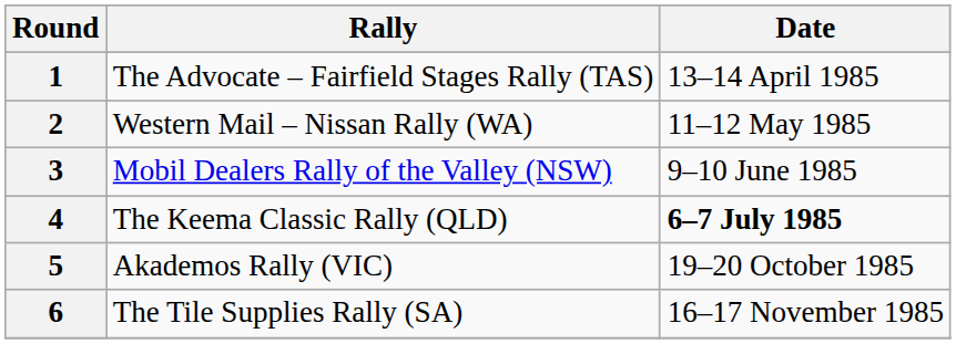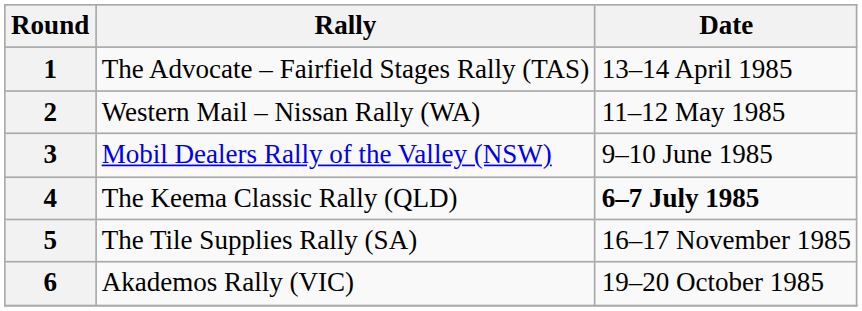 <table class="wikitable" border="1">
 <tr>
 <th>Round</th>
 <th>Rally</th>
 <th>Date</th>
 </tr>
 <tr>
 <th>1</th>
 <td>The Advocate – Fairfield Stages Rally (TAS)</td>
 <td>13–14 April 1985</td>
 </tr>
 <tr>
 <th>2</th>
 <td>Western Mail – Nissan Rally (WA)</td>
 <td>11–12 May 1985</td>
 </tr>
 <tr>
 <th>3</th>
 <td><a href='#'>Mobil Dealers Rally of the Valley (NSW)</a></td>
 <td>9–10 June 1985</td>
 </tr>
 <tr>
 <th>4</th>
 <td>The Keema Classic Rally (QLD)</td>
 <td><strong>6–7 July 1985</strong></td>
 </tr>
 <tr>
 <th>5</th>
+<td>The Tile Supplies Rally (SA)</td>
+<td>16–17 November 1985</td>
+</tr>
+<tr>
+<th>6</th>
 <td>Akademos Rally (VIC)</td>
 <td>19–20 October 1985</td>
 </tr>
 <tr>
-<th>6</th>
-<td>The Tile Supplies Rally (SA)</td>
-<td>16–17 November 1985</td>
-</tr>
-<tr>
 </tr>
 </table>
